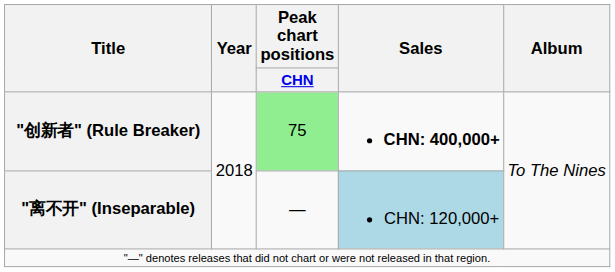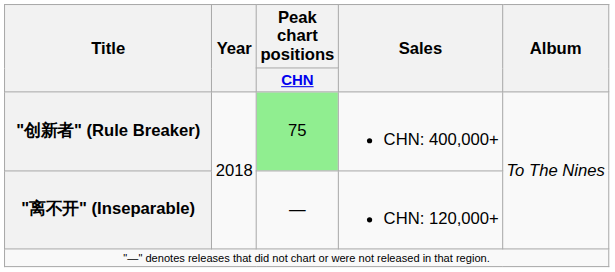 <table class="wikitable plainrowheaders" style="text-align:center;">
 <tr>
 <th scope="col" rowspan="2" style="width:12em;">Title</th>
 <th scope="col" rowspan="2">Year</th>
 <th colspan="1">Peak chart positions</th>
 <th scope="col" rowspan="2">Sales</th>
 <th scope="col" rowspan="2">Album</th>
 </tr>
 <tr>
 <th scope="col" style="width:3em;font-size:90%;"><a href='#'>CHN</a><br></th>
 </tr>
 <tr>
 <th scope="row">"创新者" (Rule Breaker)</th>
 <td rowspan="2">2018</td>
 <td style="background: lightgreen;">75</td>
-<td><strong><br><ul><li>CHN: 400,000+</li></ul></strong></td>
+<td><br><ul><li>CHN: 400,000+</li></ul></td>
 <td rowspan="2"><em>To The Nines</em></td>
 </tr>
 <tr>
 <th scope="row">"离不开" (Inseparable)</th>
 <td>—</td>
-<td style="background: lightblue;"><br><ul><li>CHN: 120,000+</li></ul></td>
+<td><br><ul><li>CHN: 120,000+</li></ul></td>
 </tr>
 <tr>
 <td colspan="5" style="font-size:8pt;">"—" denotes releases that did not chart or were not released in that region.</td>
 </tr>
 </table>
